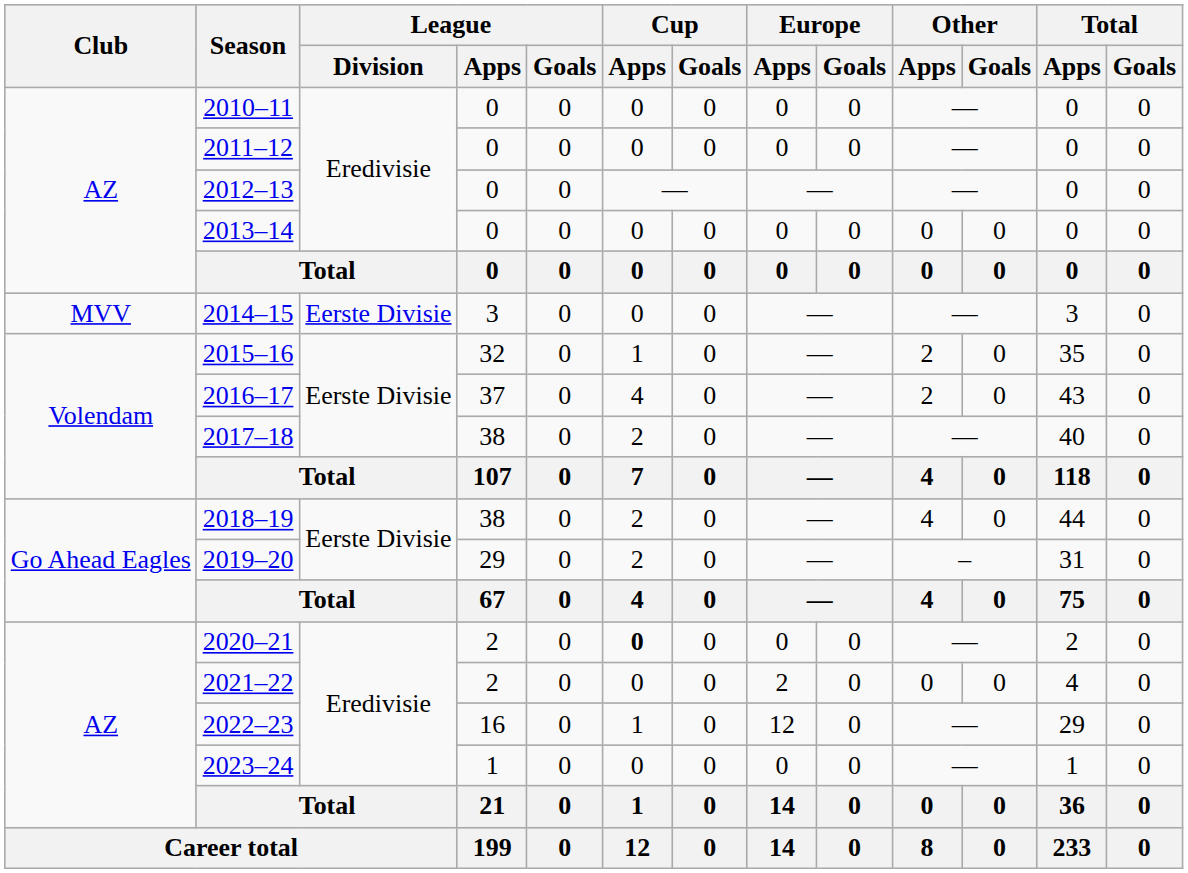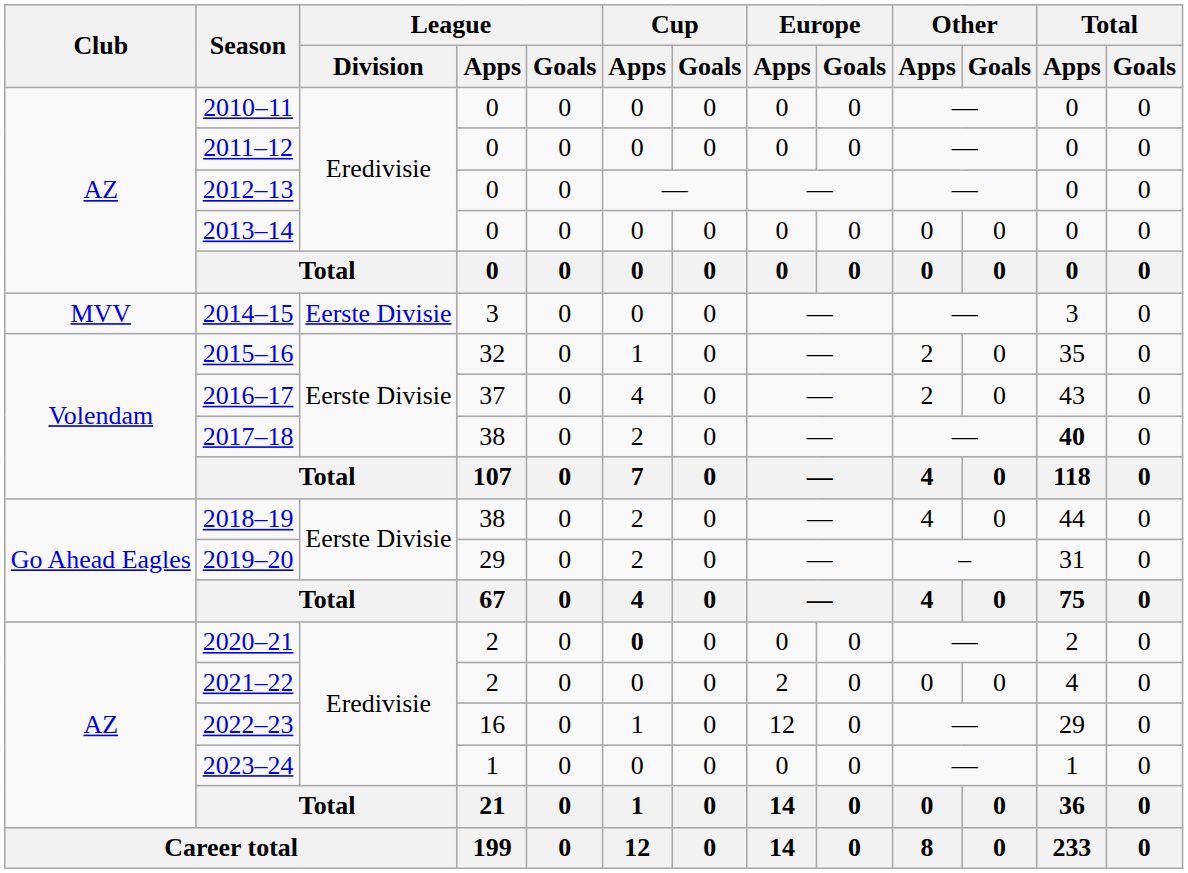 <table class="wikitable" style="text-align:center">
 <tr>
 <th rowspan="2">Club</th>
 <th rowspan="2">Season</th>
 <th colspan="3">League</th>
 <th colspan="2">Cup</th>
 <th colspan="2">Europe</th>
 <th colspan="2">Other</th>
 <th colspan="2">Total</th>
 </tr>
 <tr>
 <th>Division</th>
 <th>Apps</th>
 <th>Goals</th>
 <th>Apps</th>
 <th>Goals</th>
 <th>Apps</th>
 <th>Goals</th>
 <th>Apps</th>
 <th>Goals</th>
 <th>Apps</th>
 <th>Goals</th>
 </tr>
 <tr>
 <td rowspan="5"><a href='#'>AZ</a></td>
 <td><a href='#'>2010–11</a></td>
 <td rowspan="4">Eredivisie</td>
 <td>0</td>
 <td>0</td>
 <td>0</td>
 <td>0</td>
 <td>0</td>
 <td>0</td>
 <td colspan="2">—</td>
 <td>0</td>
 <td>0</td>
 </tr>
 <tr>
 <td><a href='#'>2011–12</a></td>
 <td>0</td>
 <td>0</td>
 <td>0</td>
 <td>0</td>
 <td>0</td>
 <td>0</td>
 <td colspan="2">—</td>
 <td>0</td>
 <td>0</td>
 </tr>
 <tr>
 <td><a href='#'>2012–13</a></td>
 <td>0</td>
 <td>0</td>
 <td colspan="2">—</td>
 <td colspan="2">—</td>
 <td colspan="2">—</td>
 <td>0</td>
 <td>0</td>
 </tr>
 <tr>
 <td><a href='#'>2013–14</a></td>
 <td>0</td>
 <td>0</td>
 <td>0</td>
 <td>0</td>
 <td>0</td>
 <td>0</td>
 <td>0</td>
 <td>0</td>
 <td>0</td>
 <td>0</td>
 </tr>
 <tr>
 <th colspan="2">Total</th>
 <th>0</th>
 <th>0</th>
 <th>0</th>
 <th>0</th>
 <th>0</th>
 <th>0</th>
 <th>0</th>
 <th>0</th>
 <th>0</th>
 <th>0</th>
 </tr>
 <tr>
 <td><a href='#'>MVV</a></td>
 <td><a href='#'>2014–15</a></td>
 <td><a href='#'>Eerste Divisie</a></td>
 <td>3</td>
 <td>0</td>
 <td>0</td>
 <td>0</td>
 <td colspan="2">—</td>
 <td colspan="2">—</td>
 <td>3</td>
 <td>0</td>
 </tr>
 <tr>
 <td rowspan="4"><a href='#'>Volendam</a></td>
 <td><a href='#'>2015–16</a></td>
 <td rowspan="3">Eerste Divisie</td>
 <td>32</td>
 <td>0</td>
 <td>1</td>
 <td>0</td>
 <td colspan="2">—</td>
 <td>2</td>
 <td>0</td>
 <td>35</td>
 <td>0</td>
 </tr>
 <tr>
 <td><a href='#'>2016–17</a></td>
 <td>37</td>
 <td>0</td>
 <td>4</td>
 <td>0</td>
 <td colspan="2">—</td>
 <td>2</td>
 <td>0</td>
 <td>43</td>
 <td>0</td>
 </tr>
 <tr>
 <td><a href='#'>2017–18</a></td>
 <td>38</td>
 <td>0</td>
 <td>2</td>
 <td>0</td>
 <td colspan="2">—</td>
 <td colspan="2">—</td>
-<td>40</td>
+<td><strong>40</strong></td>
 <td>0</td>
 </tr>
 <tr>
 <th colspan="2">Total</th>
 <th>107</th>
 <th>0</th>
 <th>7</th>
 <th>0</th>
 <th colspan="2">—</th>
 <th>4</th>
 <th>0</th>
 <th>118</th>
 <th>0</th>
 </tr>
 <tr>
 <td rowspan="3"><a href='#'>Go Ahead Eagles</a></td>
 <td><a href='#'>2018–19</a></td>
 <td rowspan="2">Eerste Divisie</td>
 <td>38</td>
 <td>0</td>
 <td>2</td>
 <td>0</td>
 <td colspan="2">—</td>
 <td>4</td>
 <td>0</td>
 <td>44</td>
 <td>0</td>
 </tr>
 <tr>
 <td><a href='#'>2019–20</a></td>
 <td>29</td>
 <td>0</td>
 <td>2</td>
 <td>0</td>
 <td colspan="2">—</td>
 <td colspan="2">–</td>
 <td>31</td>
 <td>0</td>
 </tr>
 <tr>
 <th colspan="2">Total</th>
 <th>67</th>
 <th>0</th>
 <th>4</th>
 <th>0</th>
 <th colspan="2">—</th>
 <th>4</th>
 <th>0</th>
 <th>75</th>
 <th>0</th>
 </tr>
 <tr>
 <td rowspan="5"><a href='#'>AZ</a></td>
 <td><a href='#'>2020–21</a></td>
 <td rowspan="4">Eredivisie</td>
 <td>2</td>
 <td>0</td>
 <td><strong>0</strong></td>
 <td>0</td>
 <td>0</td>
 <td>0</td>
 <td colspan="2">—</td>
 <td>2</td>
 <td>0</td>
 </tr>
 <tr>
 <td><a href='#'>2021–22</a></td>
 <td>2</td>
 <td>0</td>
 <td>0</td>
 <td>0</td>
 <td>2</td>
 <td>0</td>
 <td>0</td>
 <td>0</td>
 <td>4</td>
 <td>0</td>
 </tr>
 <tr>
 <td><a href='#'>2022–23</a></td>
 <td>16</td>
 <td>0</td>
 <td>1</td>
 <td>0</td>
 <td>12</td>
 <td>0</td>
 <td colspan="2">—</td>
 <td>29</td>
 <td>0</td>
 </tr>
 <tr>
 <td><a href='#'>2023–24</a></td>
 <td>1</td>
 <td>0</td>
 <td>0</td>
 <td>0</td>
 <td>0</td>
 <td>0</td>
 <td colspan="2">—</td>
 <td>1</td>
 <td>0</td>
 </tr>
 <tr>
 <th colspan="2">Total</th>
 <th>21</th>
 <th>0</th>
 <th>1</th>
 <th>0</th>
 <th>14</th>
 <th>0</th>
 <th>0</th>
 <th>0</th>
 <th>36</th>
 <th>0</th>
 </tr>
 <tr>
 <th colspan="3">Career total</th>
 <th>199</th>
 <th>0</th>
 <th>12</th>
 <th>0</th>
 <th>14</th>
 <th>0</th>
 <th>8</th>
 <th>0</th>
 <th>233</th>
 <th>0</th>
 </tr>
 </table>
